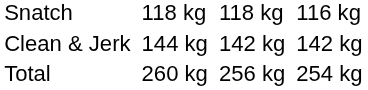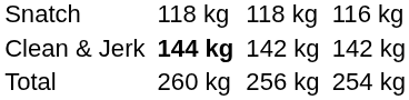 <table>
 <tr>
 <td>Snatch</td>
 <td></td>
 <td>118 kg</td>
 <td></td>
 <td>118 kg</td>
 <td></td>
 <td>116 kg</td>
 </tr>
 <tr>
 <td>Clean & Jerk</td>
 <td></td>
-<td>144 kg</td>
+<td><strong>144 kg</strong></td>
 <td></td>
 <td>142 kg</td>
 <td></td>
 <td>142 kg</td>
 </tr>
 <tr>
 <td>Total</td>
 <td></td>
 <td>260 kg</td>
 <td></td>
 <td>256 kg</td>
 <td></td>
 <td>254 kg</td>
 </tr>
 </table>
